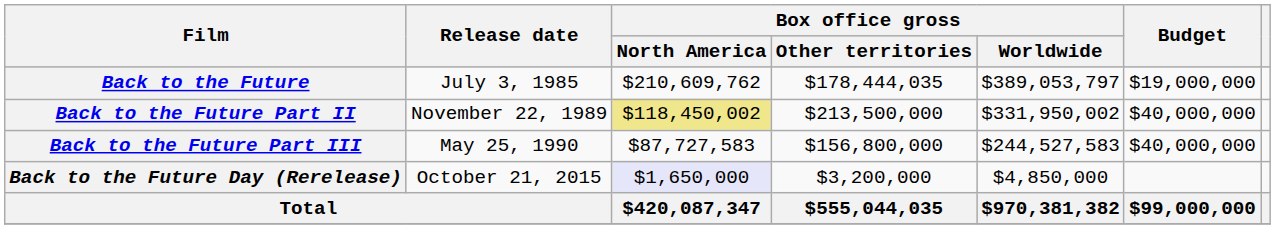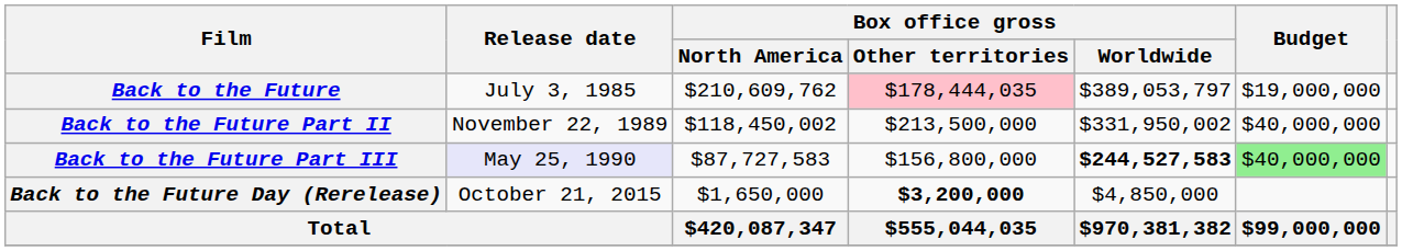 <table class="wikitable plainrowheaders" style="text-align:center;">
 <tr>
 <th scope="col" rowspan="2">Film</th>
 <th scope="col" rowspan="2">Release date</th>
 <th scope="col" colspan="3">Box office gross</th>
 <th scope="col" rowspan="2">Budget</th>
 <th scope="col" rowspan="2"></th>
 </tr>
 <tr>
 <th scope="col">North America</th>
 <th scope="col">Other territories</th>
 <th scope="col">Worldwide</th>
 </tr>
 <tr>
 <th scope="row"><em><a href='#'>Back to the Future</a></em></th>
 <td>July 3, 1985</td>
 <td>$210,609,762</td>
-<td>$178,444,035</td>
+<td style="background: pink;">$178,444,035</td>
 <td>$389,053,797</td>
 <td style="text-align:center;">$19,000,000</td>
 <td style="text-align:center;"></td>
 </tr>
 <tr>
 <th scope="row"><em><a href='#'>Back to the Future Part II</a></em></th>
 <td>November 22, 1989</td>
-<td style="background: khaki;">$118,450,002</td>
+<td>$118,450,002</td>
 <td>$213,500,000</td>
 <td>$331,950,002</td>
 <td style="text-align:center;">$40,000,000</td>
 <td style="text-align:center;"></td>
 </tr>
 <tr>
 <th scope="row"><em><a href='#'>Back to the Future Part III</a></em></th>
-<td>May 25, 1990</td>
+<td style="background: lavender;">May 25, 1990</td>
 <td>$87,727,583</td>
 <td>$156,800,000</td>
-<td>$244,527,583</td>
-<td style="text-align:center;">$40,000,000</td>
+<td><strong>$244,527,583</strong></td>
+<td style="background: lightgreen; text-align:center;">$40,000,000</td>
 <td style="text-align:center;"></td>
 </tr>
 <tr>
 <th scope="row"><em>Back to the Future Day (Rerelease)</em></th>
 <td>October 21, 2015</td>
-<td style="background: lavender;">$1,650,000</td>
-<td>$3,200,000</td>
+<td>$1,650,000</td>
+<td><strong>$3,200,000</strong></td>
 <td>$4,850,000</td>
 <td></td>
 <td style="text-align:center;"></td>
 </tr>
 <tr>
 <th scope="row" colspan="2">Total</th>
 <th>$420,087,347</th>
 <th>$555,044,035</th>
 <th>$970,381,382</th>
 <th style="text-align:center;">$99,000,000</th>
 <th></th>
 </tr>
 <tr>
 </tr>
 </table>
